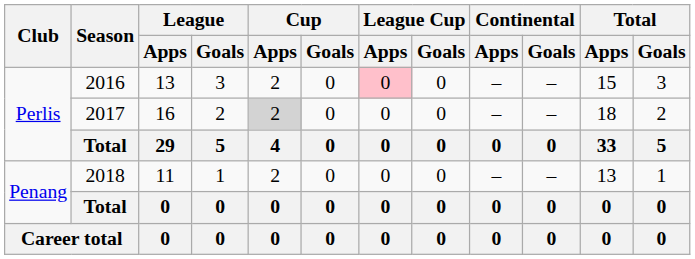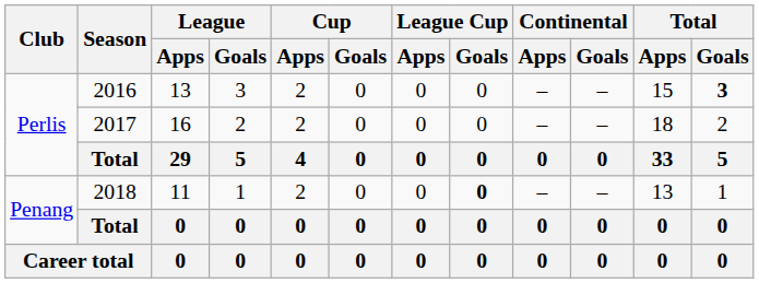 <table class="wikitable" style="text-align: center;">
 <tr>
 <th rowspan="2">Club</th>
 <th rowspan="2">Season</th>
 <th colspan="2">League</th>
 <th colspan="2">Cup</th>
 <th colspan="2">League Cup</th>
 <th colspan="2">Continental</th>
 <th colspan="2">Total</th>
 </tr>
 <tr>
 <th>Apps</th>
 <th>Goals</th>
 <th>Apps</th>
 <th>Goals</th>
 <th>Apps</th>
 <th>Goals</th>
 <th>Apps</th>
 <th>Goals</th>
 <th>Apps</th>
 <th>Goals</th>
 </tr>
 <tr>
 <td rowspan="3" valign="center"><a href='#'>Perlis</a></td>
 <td>2016</td>
 <td>13</td>
 <td>3</td>
 <td>2</td>
 <td>0</td>
-<td style="background: pink;">0</td>
+<td>0</td>
 <td>0</td>
 <td>–</td>
 <td>–</td>
 <td>15</td>
-<td>3</td>
+<td><strong>3</strong></td>
 </tr>
 <tr>
 <td>2017</td>
 <td>16</td>
 <td>2</td>
-<td style="background: lightgrey;">2</td>
+<td>2</td>
 <td>0</td>
 <td>0</td>
 <td>0</td>
 <td>–</td>
 <td>–</td>
 <td>18</td>
 <td>2</td>
 </tr>
 <tr>
 <th>Total</th>
 <th>29</th>
 <th>5</th>
 <th>4</th>
 <th>0</th>
 <th>0</th>
 <th>0</th>
 <th>0</th>
 <th>0</th>
 <th>33</th>
 <th>5</th>
 </tr>
 <tr>
 <td rowspan="2" valign="center"><a href='#'>Penang</a></td>
 <td>2018</td>
 <td>11</td>
 <td>1</td>
 <td>2</td>
 <td>0</td>
 <td>0</td>
-<td>0</td>
+<td><strong>0</strong></td>
 <td>–</td>
 <td>–</td>
 <td>13</td>
 <td>1</td>
 </tr>
 <tr>
 <th>Total</th>
 <th>0</th>
 <th>0</th>
 <th>0</th>
 <th>0</th>
 <th>0</th>
 <th>0</th>
 <th>0</th>
 <th>0</th>
 <th>0</th>
 <th>0</th>
 </tr>
 <tr>
 <th colspan=2>Career total</th>
 <th>0</th>
 <th>0</th>
 <th>0</th>
 <th>0</th>
 <th>0</th>
 <th>0</th>
 <th>0</th>
 <th>0</th>
 <th>0</th>
 <th>0</th>
 </tr>
 </table>
